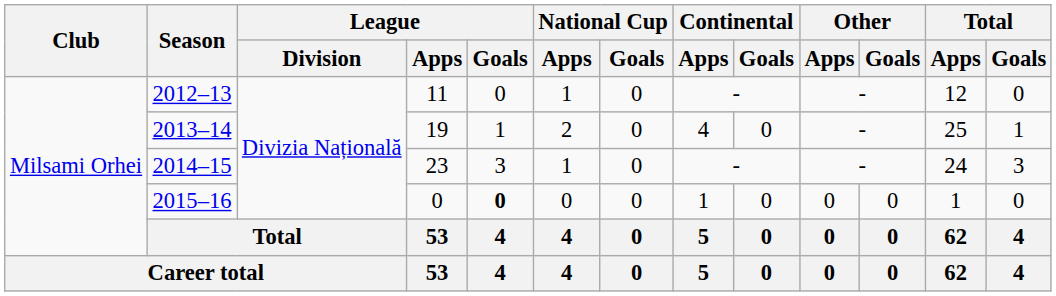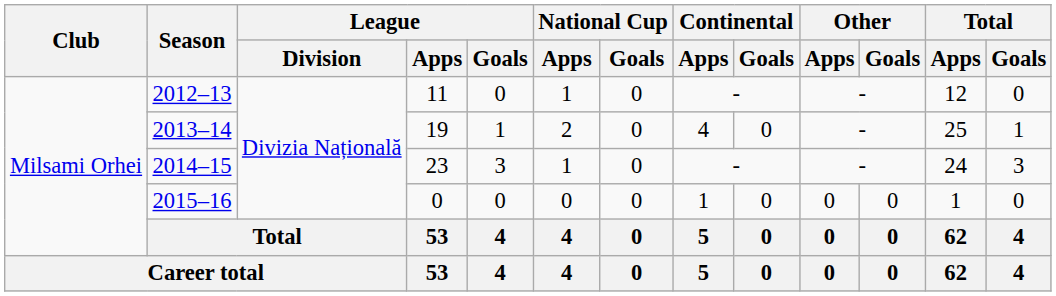 <table class="wikitable" style="text-align: center;">
 <tr>
 <th rowspan="2">Club</th>
 <th rowspan="2">Season</th>
 <th colspan="3">League</th>
 <th colspan="2">National Cup</th>
 <th colspan="2">Continental</th>
 <th colspan="2">Other</th>
 <th colspan="2">Total</th>
 </tr>
 <tr>
 <th>Division</th>
 <th>Apps</th>
 <th>Goals</th>
 <th>Apps</th>
 <th>Goals</th>
 <th>Apps</th>
 <th>Goals</th>
 <th>Apps</th>
 <th>Goals</th>
 <th>Apps</th>
 <th>Goals</th>
 </tr>
 <tr>
 <td rowspan="5" valign="center"><a href='#'>Milsami Orhei</a></td>
 <td><a href='#'>2012–13</a></td>
 <td rowspan="4" valign="center"><a href='#'>Divizia Națională</a></td>
 <td>11</td>
 <td>0</td>
 <td>1</td>
 <td>0</td>
 <td colspan="2">-</td>
 <td colspan="2">-</td>
 <td>12</td>
 <td>0</td>
 </tr>
 <tr>
 <td><a href='#'>2013–14</a></td>
 <td>19</td>
 <td>1</td>
 <td>2</td>
 <td>0</td>
 <td>4</td>
 <td>0</td>
 <td colspan="2">-</td>
 <td>25</td>
 <td>1</td>
 </tr>
 <tr>
 <td><a href='#'>2014–15</a></td>
 <td>23</td>
 <td>3</td>
 <td>1</td>
 <td>0</td>
 <td colspan="2">-</td>
 <td colspan="2">-</td>
 <td>24</td>
 <td>3</td>
 </tr>
 <tr>
 <td><a href='#'>2015–16</a></td>
 <td>0</td>
-<td><strong>0</strong></td>
+<td>0</td>
 <td>0</td>
 <td>0</td>
 <td>1</td>
 <td>0</td>
 <td>0</td>
 <td>0</td>
 <td>1</td>
 <td>0</td>
 </tr>
 <tr>
 <th colspan="2">Total</th>
 <th>53</th>
 <th>4</th>
 <th>4</th>
 <th>0</th>
 <th>5</th>
 <th>0</th>
 <th>0</th>
 <th>0</th>
 <th>62</th>
 <th>4</th>
 </tr>
 <tr>
 <th colspan="3">Career total</th>
 <th>53</th>
 <th>4</th>
 <th>4</th>
 <th>0</th>
 <th>5</th>
 <th>0</th>
 <th>0</th>
 <th>0</th>
 <th>62</th>
 <th>4</th>
 </tr>
 </table>
